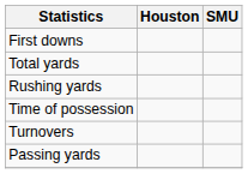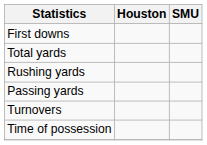 <table class="wikitable" style="float: left;">
 <tr>
 <th>Statistics</th>
 <th>Houston</th>
 <th>SMU</th>
 </tr>
 <tr>
 <td>First downs</td>
 <td></td>
 <td></td>
 </tr>
 <tr>
 <td>Total yards</td>
 <td></td>
 <td></td>
 </tr>
 <tr>
 <td>Rushing yards</td>
 <td></td>
 <td></td>
 </tr>
 <tr>
-<td>Time of possession</td>
+<td>Passing yards</td>
 <td></td>
 <td></td>
 </tr>
 <tr>
 <td>Turnovers</td>
 <td></td>
 <td></td>
 </tr>
 <tr>
-<td>Passing yards</td>
+<td>Time of possession</td>
 <td></td>
 <td></td>
 </tr>
 <tr>
 </tr>
 </table>
